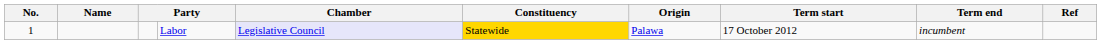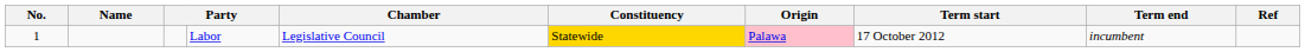 <table class="wikitable sortable" width="100%">
 <tr>
 <th>No.</th>
 <th>Name</th>
 <th colspan="2">Party</th>
 <th>Chamber</th>
 <th>Constituency</th>
 <th>Origin</th>
 <th>Term start</th>
 <th>Term end</th>
 <th class=unsortable>Ref</th>
 </tr>
 <tr>
 <td align=center>1</td>
 <td></td>
 <td> </td>
 <td><a href='#'>Labor</a></td>
-<td style="background: lavender;"><a href='#'>Legislative Council</a></td>
+<td><a href='#'>Legislative Council</a></td>
 <td style="background: gold;">Statewide</td>
-<td><a href='#'>Palawa</a></td>
+<td style="background: pink;"><a href='#'>Palawa</a></td>
 <td>17 October 2012</td>
 <td><em>incumbent</em></td>
 <td align=center></td>
 </tr>
 </table>
